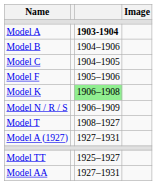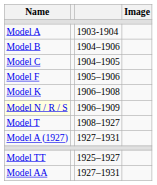 <table class="wikitable sortable">
 <tr>
 <th style="width:px;">Name</th>
 <th style="width:px;"></th>
 <th style="width:px;"></th>
 <th style="width:px;">Image</th>
 </tr>
 <tr style="background:#e0e0e0;">
 <td colspan=6></td>
 </tr>
 <tr>
 <td><a href='#'>Model A</a></td>
 <td></td>
-<td><strong>1903-1904</strong></td>
+<td>1903-1904</td>
 <td></td>
 </tr>
 <tr>
 <td><a href='#'>Model B</a></td>
 <td></td>
 <td>1904–1906</td>
 <td></td>
 </tr>
 <tr>
 <td><a href='#'>Model C</a></td>
 <td></td>
 <td>1904–1905</td>
 <td></td>
 </tr>
 <tr>
 <td><a href='#'>Model F</a></td>
 <td></td>
 <td>1905–1906</td>
 <td></td>
 </tr>
 <tr>
 <td><a href='#'>Model K</a></td>
 <td></td>
-<td style="background: lightgreen;">1906–1908</td>
+<td>1906–1908</td>
 <td></td>
 </tr>
 <tr>
-<td><a href='#'>Model N / R / S</a></td>
+<td style="background: lightyellow;"><a href='#'>Model N / R / S</a></td>
 <td></td>
 <td>1906–1909</td>
 <td></td>
 </tr>
 <tr>
 <td><a href='#'>Model T</a></td>
 <td></td>
 <td>1908–1927</td>
 <td></td>
 </tr>
 <tr>
 <td><a href='#'>Model A (1927)</a></td>
 <td></td>
 <td>1927–1931</td>
 <td></td>
 </tr>
 <tr style="background:#e0e0e0;">
 <td colspan=6></td>
 </tr>
 <tr>
 <td><a href='#'>Model TT</a></td>
 <td></td>
 <td>1925–1927</td>
 <td></td>
 </tr>
 <tr>
 <td><a href='#'>Model AA</a></td>
 <td></td>
 <td>1927–1931</td>
 <td></td>
 </tr>
 </table>
